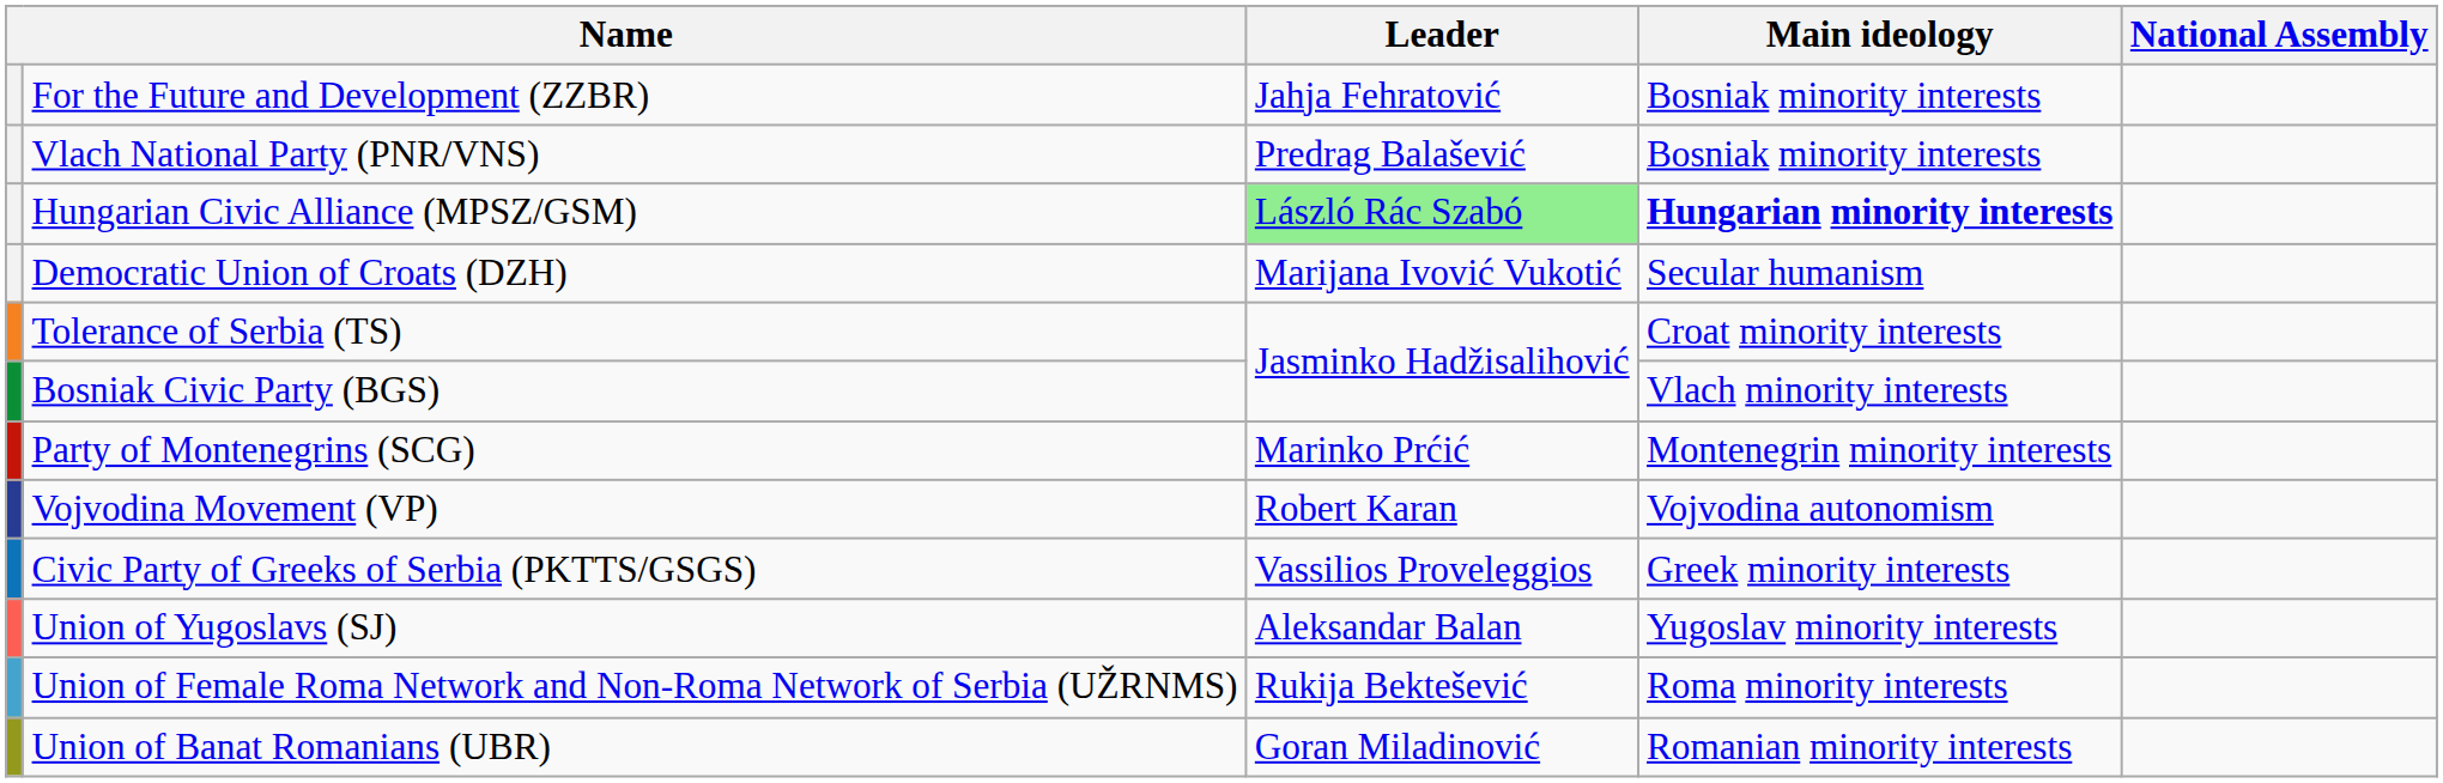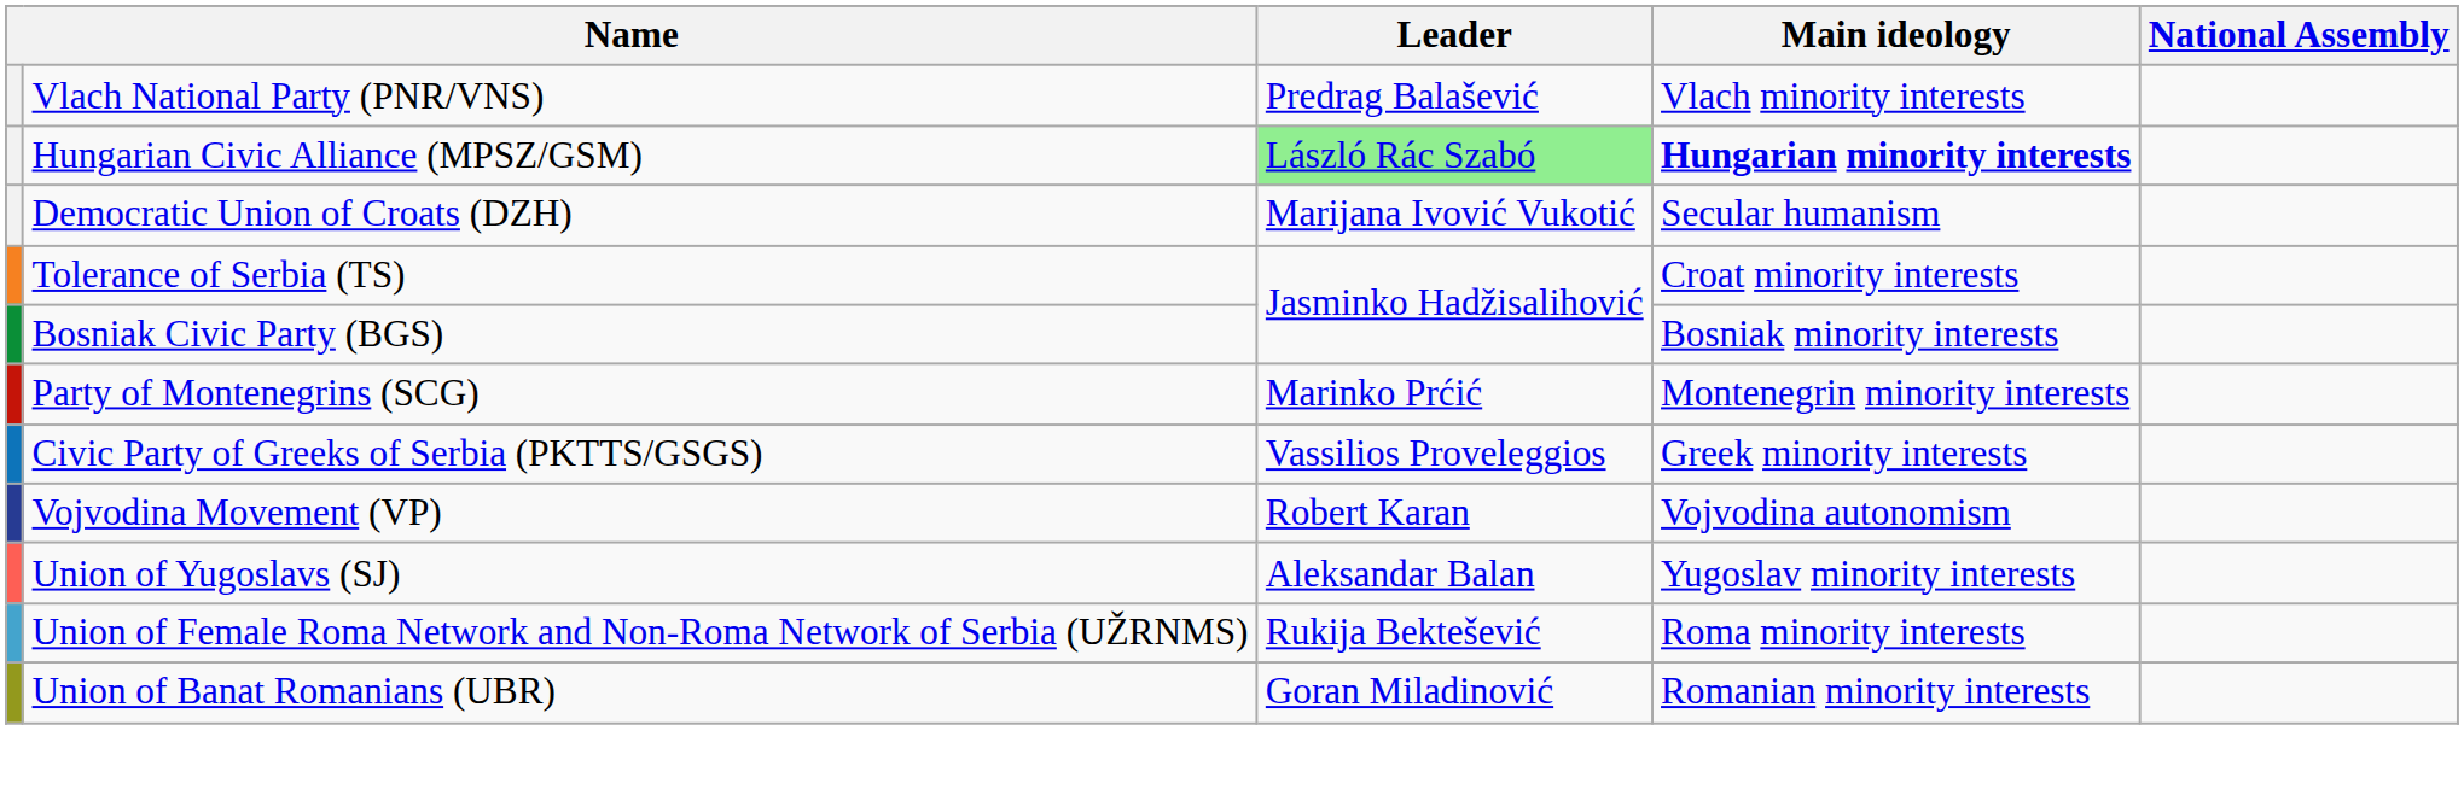 <table class="wikitable" style="text-align">
 <tr>
 <th colspan="2">Name</th>
 <th>Leader</th>
 <th>Main ideology</th>
 <th><a href='#'>National Assembly</a></th>
 </tr>
 <tr>
 <th style="background-color:"></th>
-<td><a href='#'>For the Future and Development</a> (ZZBR)</td>
-<td><a href='#'>Jahja Fehratović</a></td>
-<td><a href='#'>Bosniak</a> <a href='#'>minority interests</a></td>
-<td></td>
-</tr>
-<tr>
-<th style="background-color:"></th>
 <td><a href='#'>Vlach National Party</a> (PNR/VNS)</td>
 <td><a href='#'>Predrag Balašević</a></td>
-<td><a href='#'>Bosniak</a> <a href='#'>minority interests</a></td>
+<td><a href='#'>Vlach</a> <a href='#'>minority interests</a></td>
 <td></td>
 </tr>
 <tr>
 <th style="background-color:"></th>
 <td><a href='#'>Hungarian Civic Alliance</a> (MPSZ/GSM)</td>
 <td style="background: lightgreen;"><a href='#'>László Rác Szabó</a></td>
 <td><strong><a href='#'>Hungarian</a> <a href='#'>minority interests</a></strong></td>
 <td></td>
 </tr>
 <tr>
 <th style="background-color:"></th>
 <td><a href='#'>Democratic Union of Croats</a> (DZH)</td>
 <td><a href='#'>Marijana Ivović Vukotić</a></td>
 <td><a href='#'>Secular humanism</a></td>
 <td></td>
 </tr>
 <tr>
 <th style="background-color:#F68121"></th>
 <td><a href='#'>Tolerance of Serbia</a> (TS)</td>
 <td rowspan="2"><a href='#'>Jasminko Hadžisalihović</a></td>
 <td><a href='#'>Croat</a> <a href='#'>minority interests</a></td>
 <td></td>
 </tr>
 <tr>
 <th style="background-color:#0A8F37"></th>
 <td><a href='#'>Bosniak Civic Party</a> (BGS)</td>
-<td><a href='#'>Vlach</a> <a href='#'>minority interests</a></td>
+<td><a href='#'>Bosniak</a> <a href='#'>minority interests</a></td>
 <td></td>
 </tr>
 <tr>
 <th style="background-color:#C51408"></th>
 <td><a href='#'>Party of Montenegrins</a> (SCG)</td>
 <td><a href='#'>Marinko Prćić</a></td>
 <td><a href='#'>Montenegrin</a> <a href='#'>minority interests</a></td>
 <td></td>
 </tr>
 <tr>
+<th style="background-color:#0D74BA"></th>
+<td><a href='#'>Civic Party of Greeks of Serbia</a> (PKTTS/GSGS)</td>
+<td><a href='#'>Vassilios Proveleggios</a></td>
+<td><a href='#'>Greek</a> <a href='#'>minority interests</a></td>
+<td></td>
+</tr>
+<tr>
 <th style="background-color:#273B93"></th>
 <td><a href='#'>Vojvodina Movement</a> (VP)</td>
 <td><a href='#'>Robert Karan</a></td>
 <td><a href='#'>Vojvodina autonomism</a></td>
-<td></td>
-</tr>
-<tr>
-<th style="background-color:#0D74BA"></th>
-<td><a href='#'>Civic Party of Greeks of Serbia</a> (PKTTS/GSGS)</td>
-<td><a href='#'>Vassilios Proveleggios</a></td>
-<td><a href='#'>Greek</a> <a href='#'>minority interests</a></td>
 <td></td>
 </tr>
 <tr>
 <th style="background-color:#FE5F55"></th>
 <td><a href='#'>Union of Yugoslavs</a> (SJ)</td>
 <td><a href='#'>Aleksandar Balan</a></td>
 <td><a href='#'>Yugoslav</a> <a href='#'>minority interests</a></td>
 <td></td>
 </tr>
 <tr>
 <th style="background-color:#44A4CD"></th>
 <td><a href='#'>Union of Female Roma Network and Non-Roma Network of Serbia</a> (UŽRNMS)</td>
 <td><a href='#'>Rukija Bektešević</a></td>
 <td><a href='#'>Roma</a> <a href='#'>minority interests</a></td>
 <td></td>
 </tr>
 <tr>
 <th style="background-color:#93991D"></th>
 <td><a href='#'>Union of Banat Romanians</a> (UBR)</td>
 <td><a href='#'>Goran Miladinović</a></td>
 <td><a href='#'>Romanian</a> <a href='#'>minority interests</a></td>
 <td></td>
 </tr>
 </table>
